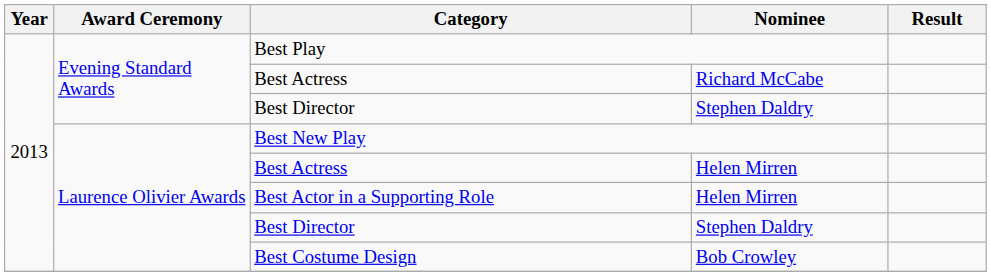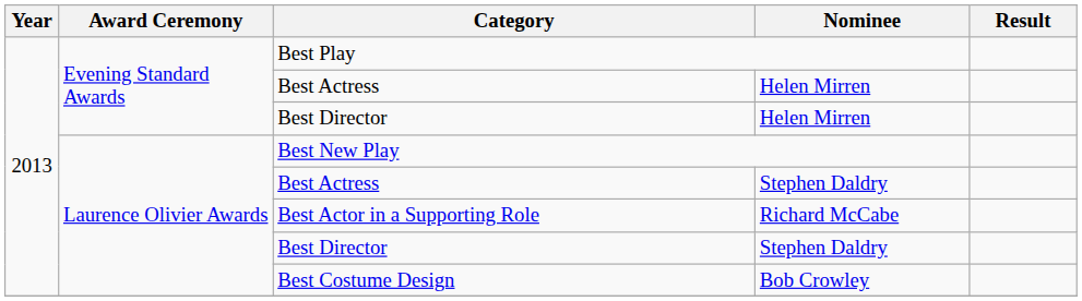 <table class="wikitable" width="95%">
 <tr>
 <th width="5%">Year</th>
 <th width="20%">Award Ceremony</th>
 <th width="45%">Category</th>
 <th width="20%">Nominee</th>
 <th width="10%">Result</th>
 </tr>
 <tr>
 <td rowspan="8" align="center">2013</td>
 <td rowspan="3"><a href='#'>Evening Standard Awards</a></td>
 <td colspan="2">Best Play</td>
 <td></td>
 </tr>
 <tr>
 <td>Best Actress</td>
-<td><a href='#'>Richard McCabe</a></td>
+<td><a href='#'>Helen Mirren</a></td>
 <td></td>
 </tr>
 <tr>
 <td>Best Director</td>
-<td><a href='#'>Stephen Daldry</a></td>
+<td><a href='#'>Helen Mirren</a></td>
 <td></td>
 </tr>
 <tr>
 <td rowspan="5"><a href='#'>Laurence Olivier Awards</a></td>
 <td colspan="2"><a href='#'>Best New Play</a></td>
 <td></td>
 </tr>
 <tr>
 <td><a href='#'>Best Actress</a></td>
-<td><a href='#'>Helen Mirren</a></td>
+<td><a href='#'>Stephen Daldry</a></td>
 <td></td>
 </tr>
 <tr>
 <td><a href='#'>Best Actor in a Supporting Role</a></td>
-<td><a href='#'>Helen Mirren</a></td>
+<td><a href='#'>Richard McCabe</a></td>
 <td></td>
 </tr>
 <tr>
 <td><a href='#'>Best Director</a></td>
 <td><a href='#'>Stephen Daldry</a></td>
 <td></td>
 </tr>
 <tr>
 <td><a href='#'>Best Costume Design</a></td>
 <td><a href='#'>Bob Crowley</a></td>
 <td></td>
 </tr>
 <tr>
 </tr>
 </table>
